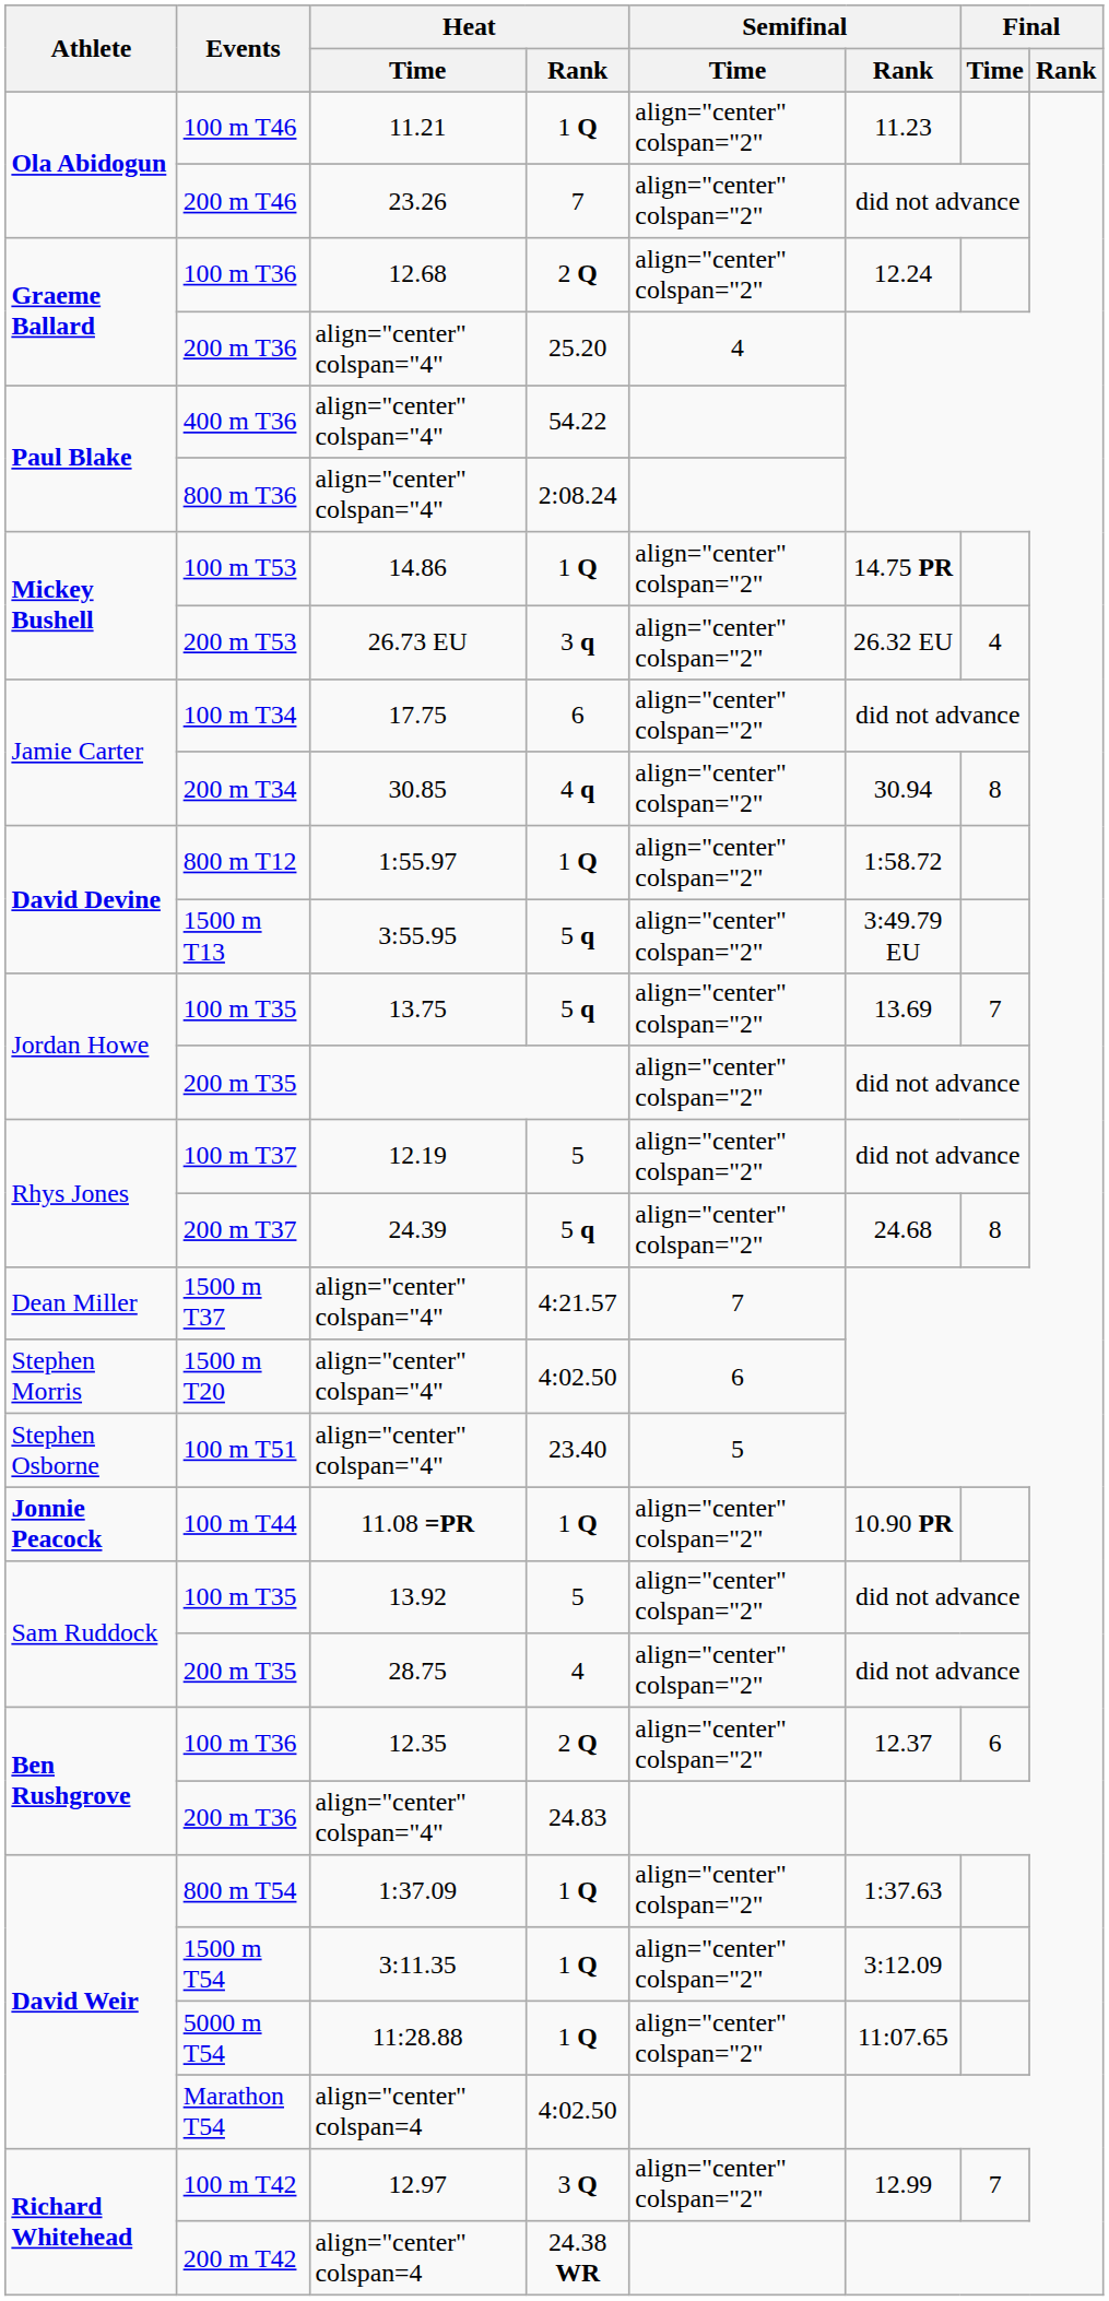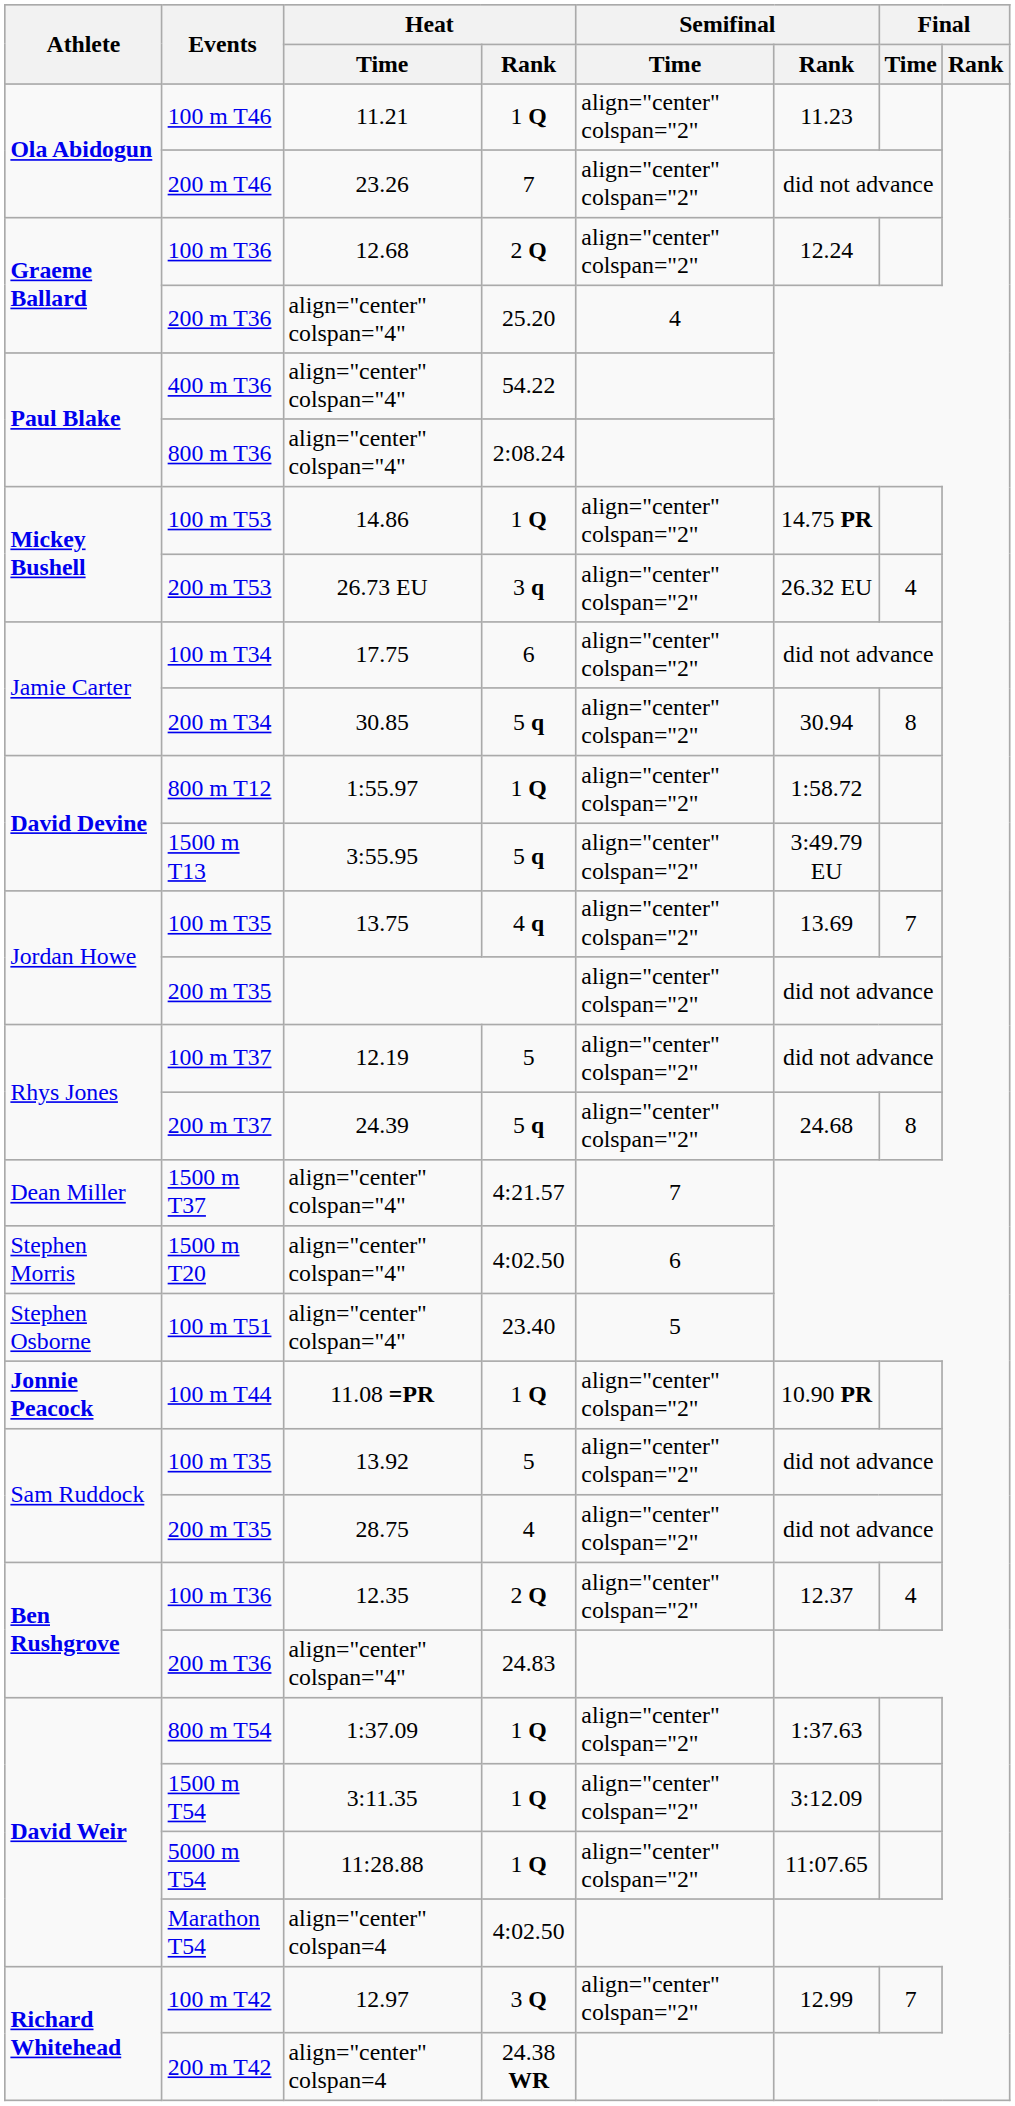 <table class=wikitable style="font-size:90%">
 <tr>
 <th rowspan="2">Athlete</th>
 <th rowspan="2">Events</th>
 <th colspan="2">Heat</th>
 <th colspan="2">Semifinal</th>
 <th colspan="2">Final</th>
 </tr>
 <tr>
 <th>Time</th>
 <th>Rank</th>
 <th>Time</th>
 <th>Rank</th>
 <th>Time</th>
 <th>Rank</th>
 </tr>
 <tr>
 <td rowspan=2><strong><a href='#'>Ola Abidogun</a></strong></td>
 <td><a href='#'>100 m T46</a></td>
 <td align="center">11.21</td>
 <td align="center">1 <strong>Q</strong></td>
 <td>align="center" colspan="2" </td>
 <td align="center">11.23</td>
 <td align="center"></td>
 </tr>
 <tr>
 <td><a href='#'>200 m T46</a></td>
 <td align="center">23.26</td>
 <td align="center">7</td>
 <td>align="center" colspan="2" </td>
 <td align="center" colspan=2>did not advance</td>
 </tr>
 <tr>
 <td rowspan=2><strong><a href='#'>Graeme Ballard</a></strong></td>
 <td><a href='#'>100 m T36</a></td>
 <td align="center">12.68</td>
 <td align="center">2 <strong>Q</strong></td>
 <td>align="center" colspan="2" </td>
 <td align="center">12.24</td>
 <td align="center"></td>
 </tr>
 <tr>
 <td><a href='#'>200 m T36</a></td>
 <td>align="center" colspan="4" </td>
 <td align="center">25.20</td>
 <td align="center">4</td>
 </tr>
 <tr>
 <td rowspan=2><strong><a href='#'>Paul Blake</a></strong></td>
 <td><a href='#'>400 m T36</a></td>
 <td>align="center" colspan="4" </td>
 <td align="center">54.22</td>
 <td align="center"></td>
 </tr>
 <tr>
 <td><a href='#'>800 m T36</a></td>
 <td>align="center" colspan="4" </td>
 <td align="center">2:08.24</td>
 <td align="center"></td>
 </tr>
 <tr>
 <td rowspan=2><strong><a href='#'>Mickey Bushell</a></strong></td>
 <td><a href='#'>100 m T53</a></td>
 <td align="center">14.86</td>
 <td align="center">1 <strong>Q</strong></td>
 <td>align="center" colspan="2" </td>
 <td align="center">14.75 <strong>PR</strong></td>
 <td align="center"></td>
 </tr>
 <tr>
 <td><a href='#'>200 m T53</a></td>
 <td align="center">26.73 EU</td>
 <td align="center">3 <strong>q</strong></td>
 <td>align="center" colspan="2" </td>
 <td align="center">26.32 EU</td>
 <td align="center">4</td>
 </tr>
 <tr>
 <td rowspan=2><a href='#'>Jamie Carter</a></td>
 <td><a href='#'>100 m T34</a></td>
 <td align="center">17.75</td>
 <td align="center">6</td>
 <td>align="center" colspan="2" </td>
 <td align="center" colspan=2>did not advance</td>
 </tr>
 <tr>
 <td><a href='#'>200 m T34</a></td>
 <td align="center">30.85</td>
-<td align="center">4 <strong>q</strong></td>
+<td align="center">5 <strong>q</strong></td>
 <td>align="center" colspan="2" </td>
 <td align="center">30.94</td>
 <td align="center">8</td>
 </tr>
 <tr>
 <td rowspan=2><strong><a href='#'>David Devine</a></strong></td>
 <td><a href='#'>800 m T12</a></td>
 <td align="center">1:55.97</td>
 <td align="center">1 <strong>Q</strong></td>
 <td>align="center" colspan="2" </td>
 <td align="center">1:58.72</td>
 <td align="center"></td>
 </tr>
 <tr>
 <td><a href='#'>1500 m T13</a></td>
 <td align="center">3:55.95</td>
 <td align="center">5 <strong>q</strong></td>
 <td>align="center" colspan="2" </td>
 <td align="center">3:49.79 EU</td>
 <td align="center"></td>
 </tr>
 <tr>
 <td rowspan=2><a href='#'>Jordan Howe</a></td>
 <td><a href='#'>100 m T35</a></td>
 <td align="center">13.75</td>
-<td align="center">5 <strong>q</strong></td>
+<td align="center">4 <strong>q</strong></td>
 <td>align="center" colspan="2" </td>
 <td align="center">13.69</td>
 <td align="center">7</td>
 </tr>
 <tr>
 <td><a href='#'>200 m T35</a></td>
 <td align="center" colspan=2></td>
 <td>align="center" colspan="2" </td>
 <td align="center" colspan=2>did not advance</td>
 </tr>
 <tr>
 <td rowspan=2><a href='#'>Rhys Jones</a></td>
 <td><a href='#'>100 m T37</a></td>
 <td align="center">12.19</td>
 <td align="center">5</td>
 <td>align="center" colspan="2" </td>
 <td align="center" colspan=2>did not advance</td>
 </tr>
 <tr>
 <td><a href='#'>200 m T37</a></td>
 <td align="center">24.39</td>
 <td align="center">5 <strong>q</strong></td>
 <td>align="center" colspan="2" </td>
 <td align="center">24.68</td>
 <td align="center">8</td>
 </tr>
 <tr>
 <td><a href='#'>Dean Miller</a></td>
 <td><a href='#'>1500 m T37</a></td>
 <td>align="center" colspan="4" </td>
 <td align="center">4:21.57</td>
 <td align="center">7</td>
 </tr>
 <tr>
 <td><a href='#'>Stephen Morris</a></td>
 <td><a href='#'>1500 m T20</a></td>
 <td>align="center" colspan="4" </td>
 <td align="center">4:02.50</td>
 <td align="center">6</td>
 </tr>
 <tr>
 <td><a href='#'>Stephen Osborne</a></td>
 <td><a href='#'>100 m T51</a></td>
 <td>align="center" colspan="4" </td>
 <td align="center">23.40</td>
 <td align="center">5</td>
 </tr>
 <tr>
 <td><strong><a href='#'>Jonnie Peacock</a></strong></td>
 <td><a href='#'>100 m T44</a></td>
 <td align="center">11.08 <strong>=PR</strong></td>
 <td align="center">1 <strong>Q</strong></td>
 <td>align="center" colspan="2" </td>
 <td align="center">10.90 <strong>PR</strong></td>
 <td align="center"></td>
 </tr>
 <tr>
 <td rowspan=2><a href='#'>Sam Ruddock</a></td>
 <td><a href='#'>100 m T35</a></td>
 <td align="center">13.92</td>
 <td align="center">5</td>
 <td>align="center" colspan="2" </td>
 <td align="center" colspan=2>did not advance</td>
 </tr>
 <tr>
 <td><a href='#'>200 m T35</a></td>
 <td align="center">28.75</td>
 <td align="center">4</td>
 <td>align="center" colspan="2" </td>
 <td align="center" colspan=2>did not advance</td>
 </tr>
 <tr>
 <td rowspan=2><strong><a href='#'>Ben Rushgrove</a></strong></td>
 <td><a href='#'>100 m T36</a></td>
 <td align="center">12.35</td>
 <td align="center">2 <strong>Q</strong></td>
 <td>align="center" colspan="2" </td>
 <td align="center">12.37</td>
-<td align="center">6</td>
+<td align="center">4</td>
 </tr>
 <tr>
 <td><a href='#'>200 m T36</a></td>
 <td>align="center" colspan="4" </td>
 <td align="center">24.83</td>
 <td align="center"></td>
 </tr>
 <tr>
 <td rowspan=4><strong><a href='#'>David Weir</a></strong></td>
 <td><a href='#'>800 m T54</a></td>
 <td align="center">1:37.09</td>
 <td align="center">1 <strong>Q</strong></td>
 <td>align="center" colspan="2" </td>
 <td align="center">1:37.63</td>
 <td align="center"></td>
 </tr>
 <tr>
 <td><a href='#'>1500 m T54</a></td>
 <td align="center">3:11.35</td>
 <td align="center">1 <strong>Q</strong></td>
 <td>align="center" colspan="2" </td>
 <td align="center">3:12.09</td>
 <td align="center"></td>
 </tr>
 <tr>
 <td><a href='#'>5000 m T54</a></td>
 <td align="center">11:28.88</td>
 <td align="center">1 <strong>Q</strong></td>
 <td>align="center" colspan="2" </td>
 <td align="center">11:07.65</td>
 <td align="center"></td>
 </tr>
 <tr>
 <td><a href='#'>Marathon T54</a></td>
 <td>align="center" colspan=4 </td>
 <td align="center">4:02.50</td>
 <td align="center"></td>
 </tr>
 <tr>
 <td rowspan=2><strong><a href='#'>Richard Whitehead</a></strong></td>
 <td><a href='#'>100 m T42</a></td>
 <td align="center">12.97</td>
 <td align="center">3 <strong>Q</strong></td>
 <td>align="center" colspan="2" </td>
 <td align="center">12.99</td>
 <td align="center">7</td>
 </tr>
 <tr>
 <td><a href='#'>200 m T42</a></td>
 <td>align="center" colspan=4 </td>
 <td align="center">24.38 <strong>WR</strong></td>
 <td align="center"></td>
 </tr>
 </table>
